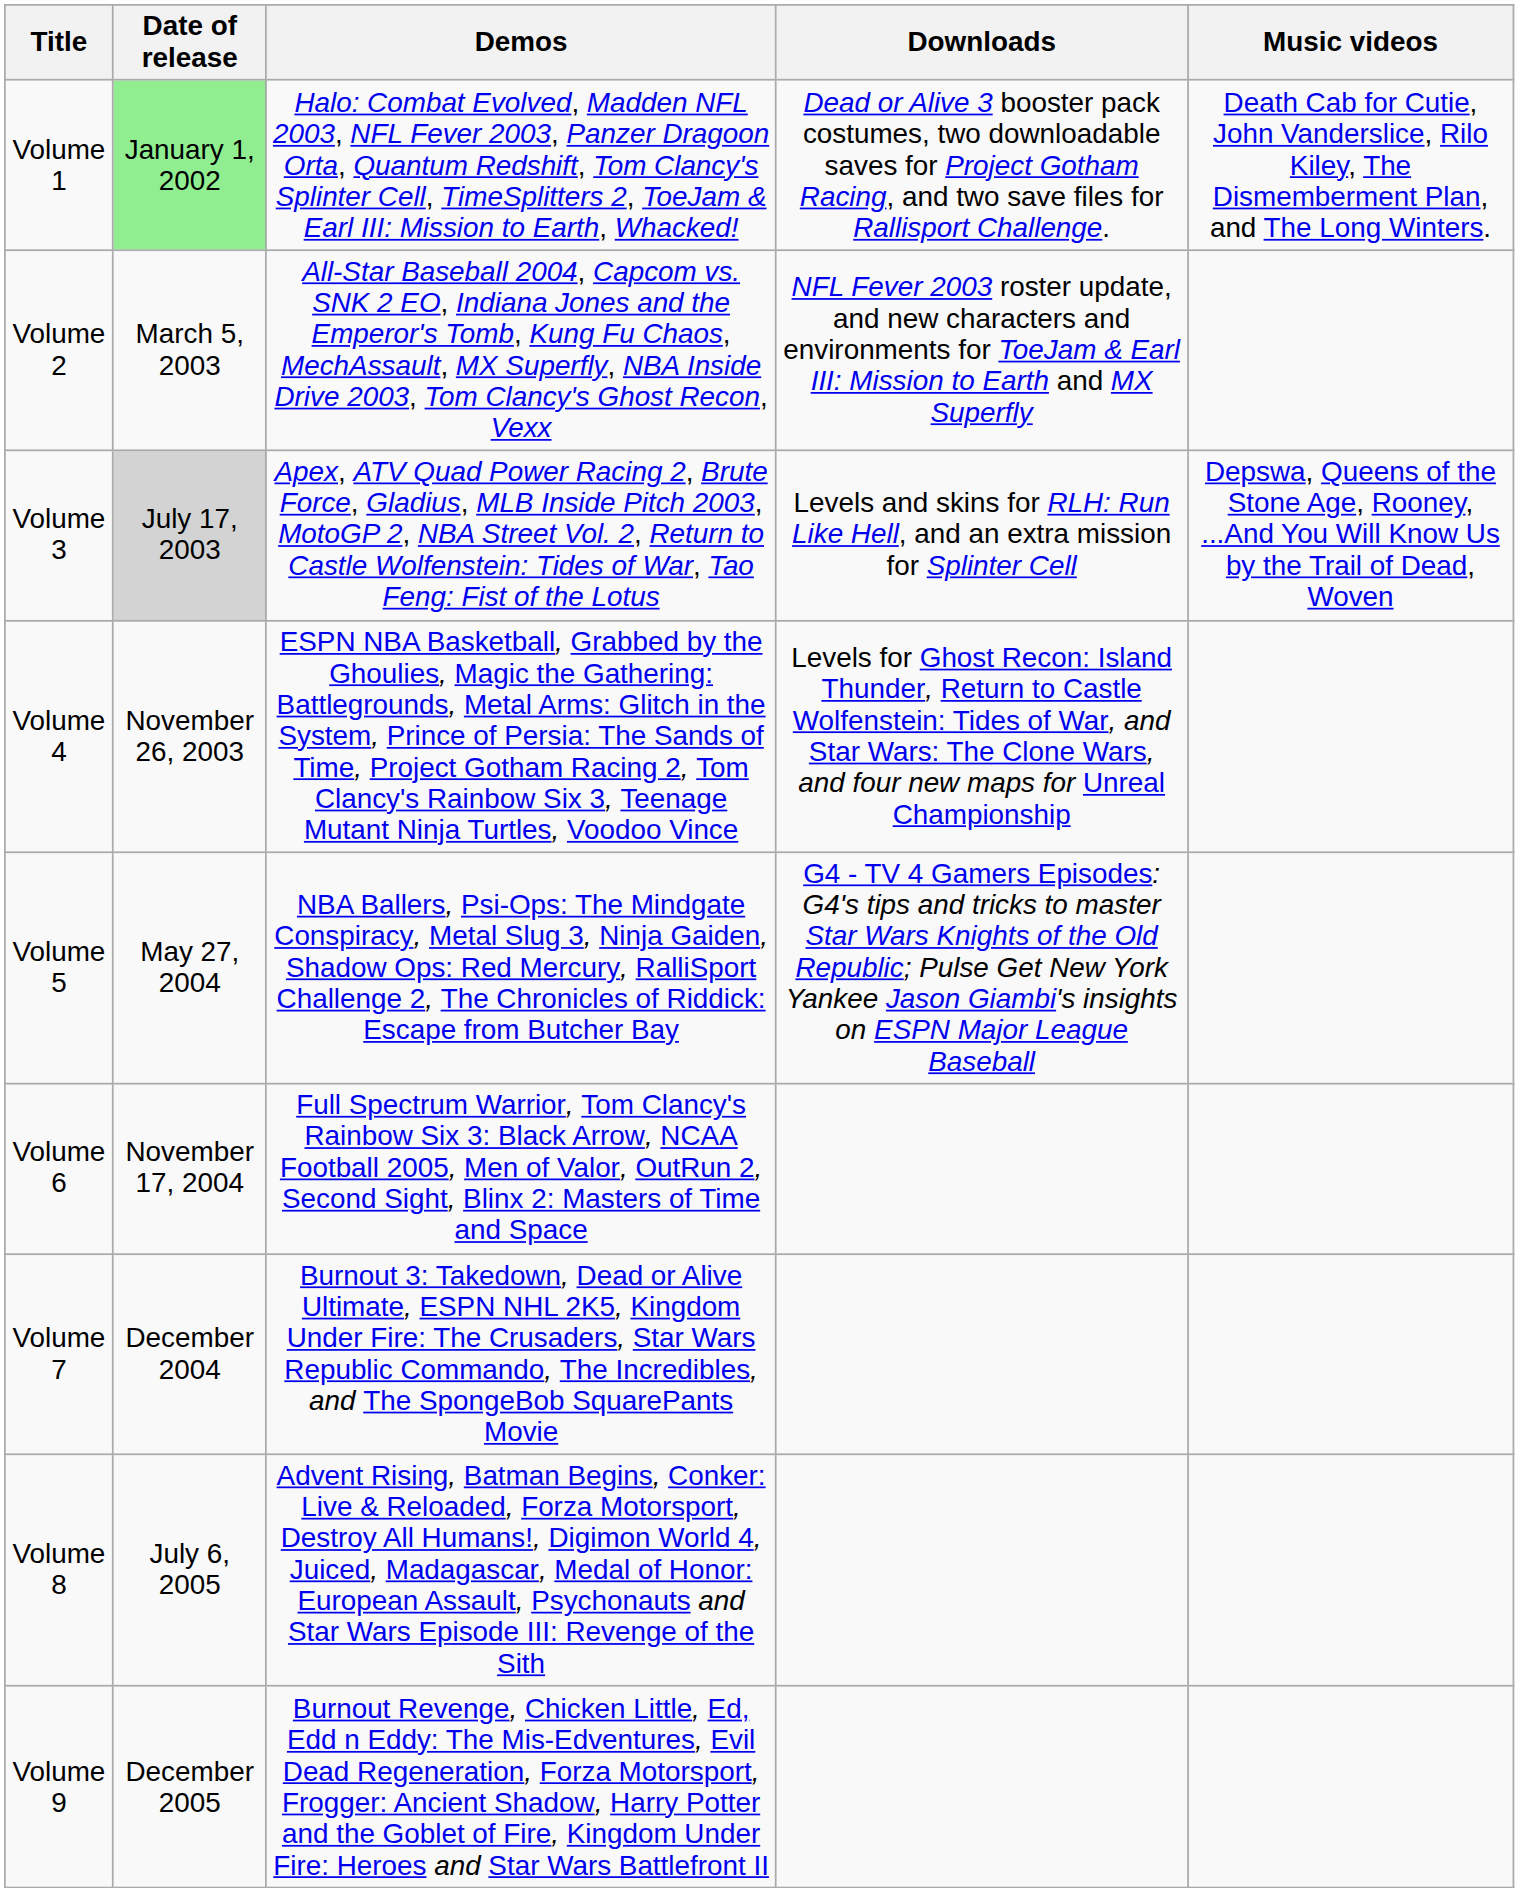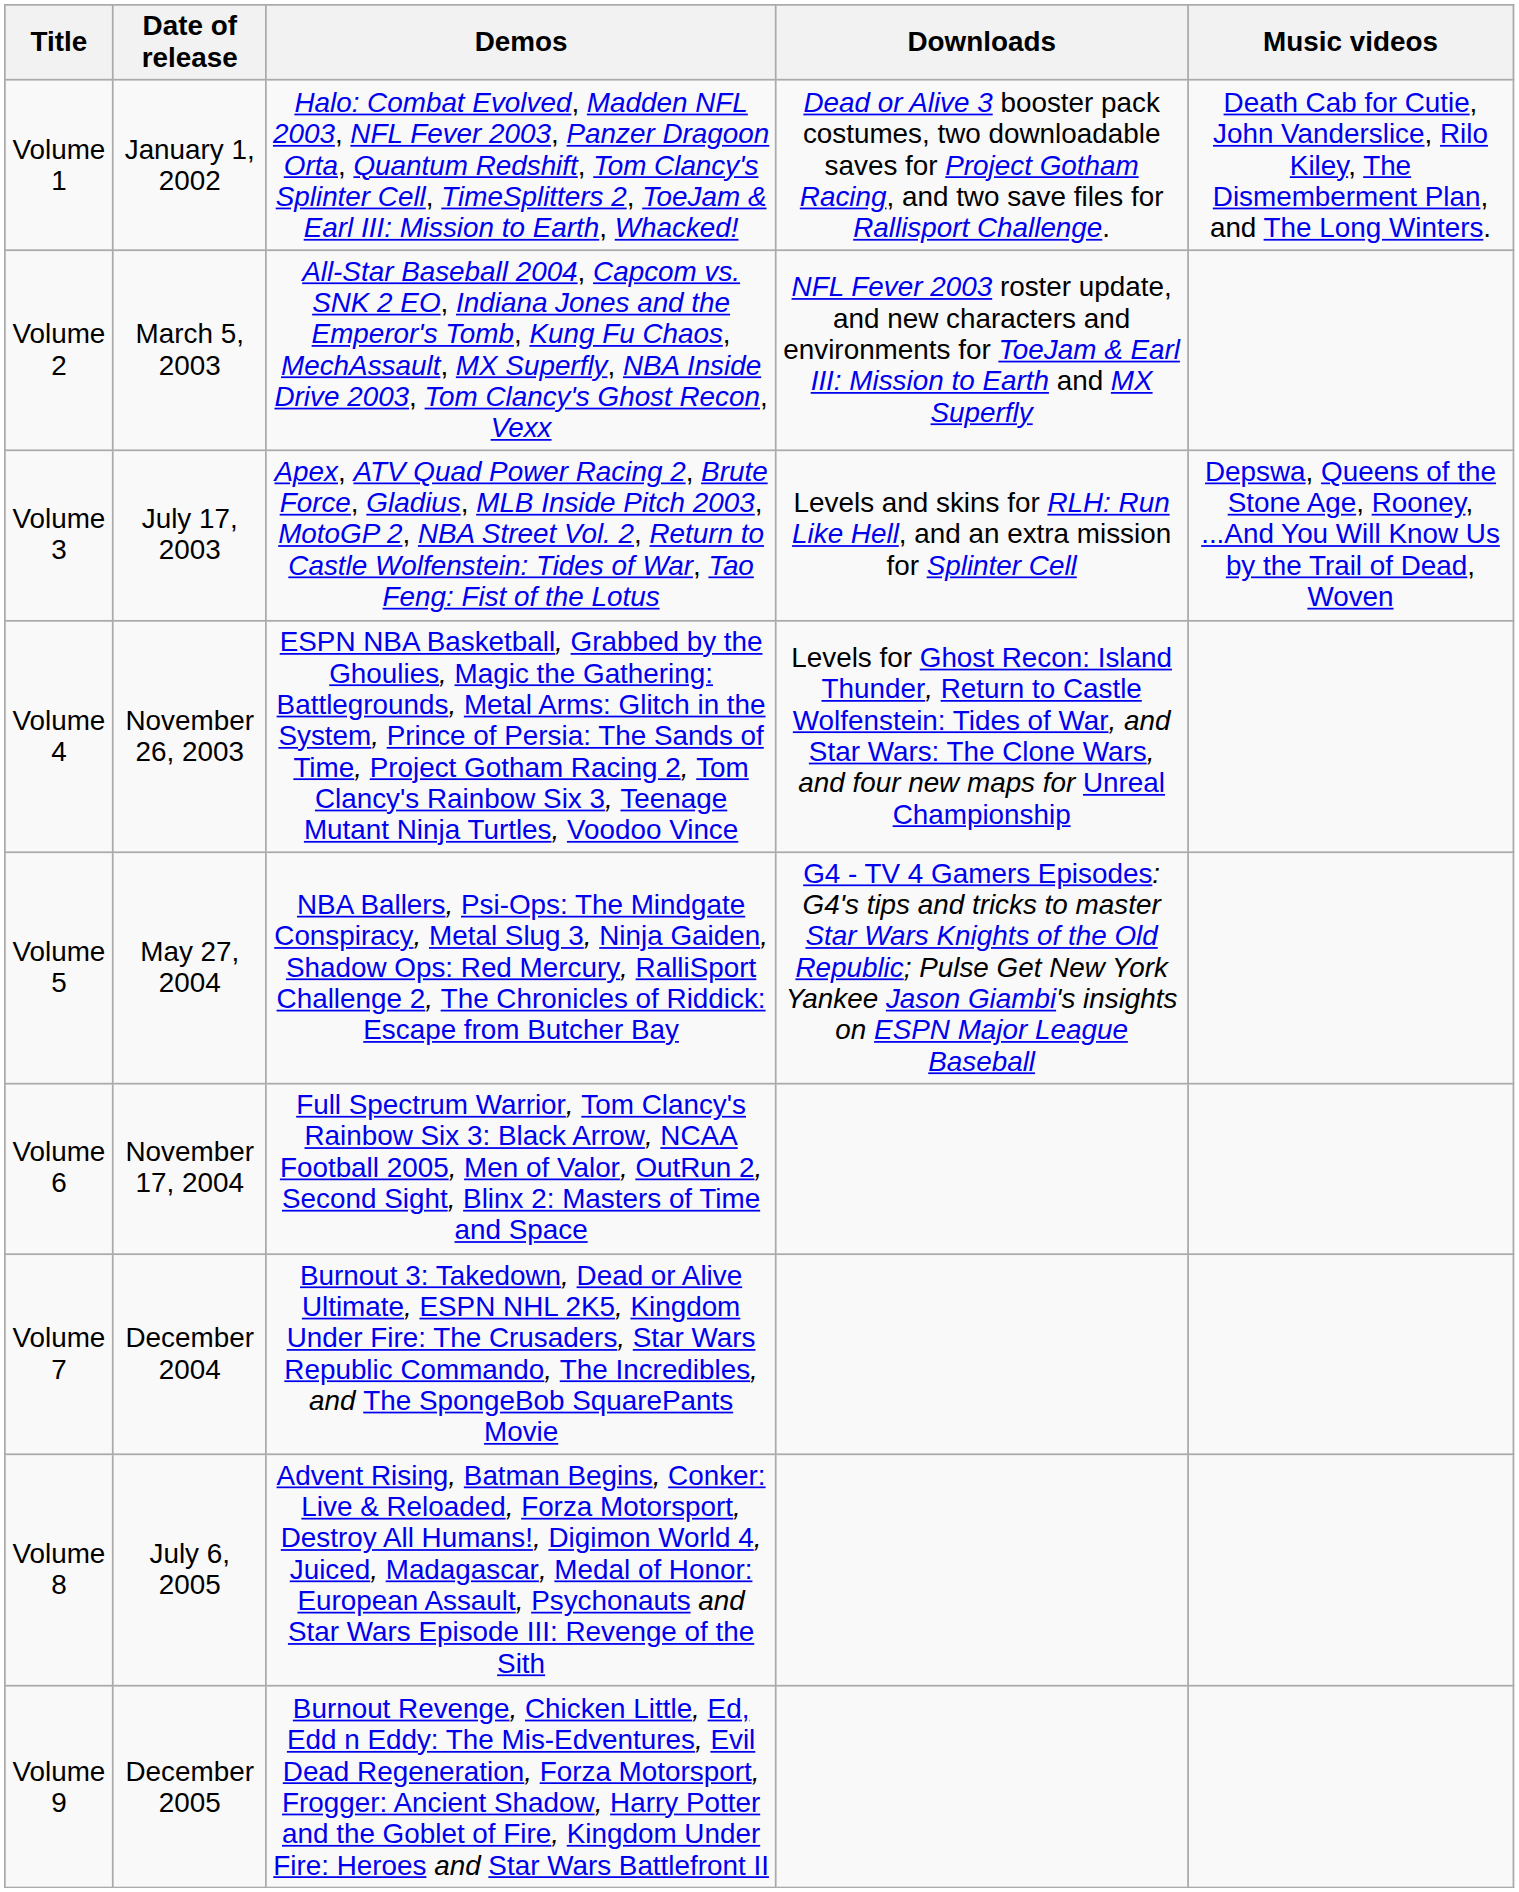 <table class="wikitable" style="text-align:center;">
 <tr>
 <th scope=col>Title</th>
 <th scope=col>Date of release</th>
 <th scope=col>Demos</th>
 <th scope=col>Downloads</th>
 <th scope=col>Music videos</th>
 </tr>
 <tr>
 <td>Volume 1</td>
-<td style="background: lightgreen;">January 1, 2002</td>
+<td>January 1, 2002</td>
 <td><em><a href='#'>Halo: Combat Evolved</a></em>, <em><a href='#'>Madden NFL 2003</a></em>, <em><a href='#'>NFL Fever 2003</a></em>, <em><a href='#'>Panzer Dragoon Orta</a></em>, <em><a href='#'>Quantum Redshift</a></em>, <em><a href='#'>Tom Clancy's Splinter Cell</a></em>, <em><a href='#'>TimeSplitters 2</a></em>, <em><a href='#'>ToeJam & Earl III: Mission to Earth</a></em>, <em><a href='#'>Whacked!</a></em></td>
 <td><em><a href='#'>Dead or Alive 3</a></em> booster pack costumes, two downloadable saves for <em><a href='#'>Project Gotham Racing</a></em>, and two save files for <em><a href='#'>Rallisport Challenge</a></em>.</td>
 <td><a href='#'>Death Cab for Cutie</a>, <a href='#'>John Vanderslice</a>, <a href='#'>Rilo Kiley</a>, <a href='#'>The Dismemberment Plan</a>, and <a href='#'>The Long Winters</a>.</td>
 </tr>
 <tr>
 <td>Volume 2</td>
 <td>March 5, 2003</td>
 <td><em><a href='#'>All-Star Baseball 2004</a></em>, <em><a href='#'>Capcom vs. SNK 2 EO</a></em>, <em><a href='#'>Indiana Jones and the Emperor's Tomb</a></em>, <em><a href='#'>Kung Fu Chaos</a></em>, <em><a href='#'>MechAssault</a></em>, <em><a href='#'>MX Superfly</a></em>, <em><a href='#'>NBA Inside Drive 2003</a></em>, <em><a href='#'>Tom Clancy's Ghost Recon</a></em>, <em><a href='#'>Vexx</a></em></td>
 <td><em><a href='#'>NFL Fever 2003</a></em> roster update, and new characters and environments for <em><a href='#'>ToeJam & Earl III: Mission to Earth</a></em> and <em><a href='#'>MX Superfly</a></em></td>
 <td></td>
 </tr>
 <tr>
 <td>Volume 3</td>
-<td style="background: lightgrey;">July 17, 2003</td>
+<td>July 17, 2003</td>
 <td><em><a href='#'>Apex</a></em>, <em><a href='#'>ATV Quad Power Racing 2</a></em>, <em><a href='#'>Brute Force</a></em>, <em><a href='#'>Gladius</a></em>, <em><a href='#'>MLB Inside Pitch 2003</a></em>, <em><a href='#'>MotoGP 2</a></em>, <em><a href='#'>NBA Street Vol. 2</a></em>, <em><a href='#'>Return to Castle Wolfenstein: Tides of War</a></em>, <em><a href='#'>Tao Feng: Fist of the Lotus</a></em></td>
 <td>Levels and skins for <em><a href='#'>RLH: Run Like Hell</a></em>, and an extra mission for <em><a href='#'>Splinter Cell</a></em></td>
 <td><a href='#'>Depswa</a>, <a href='#'>Queens of the Stone Age</a>, <a href='#'>Rooney</a>, <a href='#'>...And You Will Know Us by the Trail of Dead</a>, <a href='#'>Woven</a></td>
 </tr>
 <tr>
 <td>Volume 4</td>
 <td>November 26, 2003</td>
 <td><a href='#'>ESPN NBA Basketball</a><em>, </em><a href='#'>Grabbed by the Ghoulies</a><em>, </em><a href='#'>Magic the Gathering: Battlegrounds</a><em>, </em><a href='#'>Metal Arms: Glitch in the System</a><em>, </em><a href='#'>Prince of Persia: The Sands of Time</a><em>, </em><a href='#'>Project Gotham Racing 2</a><em>, </em><a href='#'>Tom Clancy's Rainbow Six 3</a><em>, </em><a href='#'>Teenage Mutant Ninja Turtles</a><em>, </em><a href='#'>Voodoo Vince</a><em></td>
 <td>Levels for </em><a href='#'>Ghost Recon: Island Thunder</a><em>, </em><a href='#'>Return to Castle Wolfenstein: Tides of War</a><em>, and </em><a href='#'>Star Wars: The Clone Wars</a><em>, and four new maps for </em><a href='#'>Unreal Championship</a><em></td>
 <td></td>
 </tr>
 <tr>
 <td>Volume 5</td>
 <td>May 27, 2004</td>
 <td></em><a href='#'>NBA Ballers</a><em>, </em><a href='#'>Psi-Ops: The Mindgate Conspiracy</a><em>, </em><a href='#'>Metal Slug 3</a><em>, </em><a href='#'>Ninja Gaiden</a><em>, </em><a href='#'>Shadow Ops: Red Mercury</a><em>, </em><a href='#'>RalliSport Challenge 2</a><em>, </em><a href='#'>The Chronicles of Riddick: Escape from Butcher Bay</a><em></td>
 <td></em><a href='#'>G4 - TV 4 Gamers Episodes</a><em>: G4's tips and tricks to master <a href='#'>Star Wars Knights of the Old Republic</a>; Pulse Get New York Yankee <a href='#'>Jason Giambi</a>'s insights on <a href='#'>ESPN Major League Baseball</a></td>
 </tr>
 <tr>
 <td>Volume 6</td>
 <td>November 17, 2004</td>
 <td></em><a href='#'>Full Spectrum Warrior</a><em>, </em><a href='#'>Tom Clancy's Rainbow Six 3: Black Arrow</a><em>, </em><a href='#'>NCAA Football 2005</a><em>, </em><a href='#'>Men of Valor</a><em>, </em><a href='#'>OutRun 2</a><em>, </em><a href='#'>Second Sight</a><em>, </em><a href='#'>Blinx 2: Masters of Time and Space</a><em></td>
 <td></td>
 <td></td>
 </tr>
 <tr>
 <td>Volume 7</td>
 <td>December 2004</td>
 <td></em><a href='#'>Burnout 3: Takedown</a><em>, </em><a href='#'>Dead or Alive Ultimate</a><em>, </em><a href='#'>ESPN NHL 2K5</a><em>, </em><a href='#'>Kingdom Under Fire: The Crusaders</a><em>, </em><a href='#'>Star Wars Republic Commando</a><em>, </em><a href='#'>The Incredibles</a><em>, and </em><a href='#'>The SpongeBob SquarePants Movie</a><em></td>
 <td></td>
 <td></td>
 </tr>
 <tr>
 <td>Volume 8</td>
 <td>July 6, 2005</td>
 <td></em><a href='#'>Advent Rising</a><em>, </em><a href='#'>Batman Begins</a><em>, </em><a href='#'>Conker: Live & Reloaded</a><em>, </em><a href='#'>Forza Motorsport</a><em>, </em><a href='#'>Destroy All Humans!</a><em>, </em><a href='#'>Digimon World 4</a><em>, </em><a href='#'>Juiced</a><em>, </em><a href='#'>Madagascar</a><em>, </em><a href='#'>Medal of Honor: European Assault</a><em>, </em><a href='#'>Psychonauts</a><em> and </em><a href='#'>Star Wars Episode III: Revenge of the Sith</a><em></td>
 <td></td>
 <td></td>
 </tr>
 <tr>
 <td>Volume 9</td>
 <td>December 2005</td>
 <td></em><a href='#'>Burnout Revenge</a><em>, </em><a href='#'>Chicken Little</a><em>, </em><a href='#'>Ed, Edd n Eddy: The Mis-Edventures</a><em>, </em><a href='#'>Evil Dead Regeneration</a><em>, </em><a href='#'>Forza Motorsport</a><em>, </em><a href='#'>Frogger: Ancient Shadow</a><em>, </em><a href='#'>Harry Potter and the Goblet of Fire</a><em>, </em><a href='#'>Kingdom Under Fire: Heroes</a><em> and </em><a href='#'>Star Wars Battlefront II</a><em></td>
 <td></td>
 <td></td>
 </tr>
 </table>
